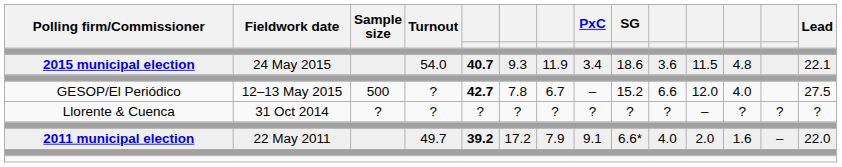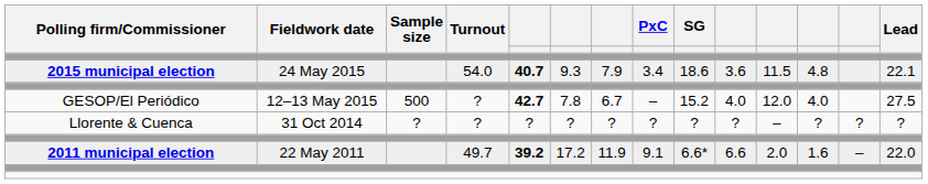 <table class="wikitable collapsible collapsed" style="text-align:center; font-size:95%; line-height:16px;">
 <tr style="height:42px;">
 <th style="width:250px;" rowspan="2">Polling firm/Commissioner</th>
 <th style="width:125px;" rowspan="2">Fieldwork date</th>
 <th style="width:50px;" rowspan="2">Sample size</th>
 <th style="width:45px;" rowspan="2">Turnout</th>
 <th style="width:35px;"></th>
 <th style="width:35px;"></th>
 <th style="width:35px;"></th>
 <th style="width:35px;"><a href='#'>PxC</a></th>
 <th style="width:35px;">SG</th>
 <th style="width:35px;"></th>
 <th style="width:35px;"></th>
 <th style="width:35px;"></th>
 <th style="width:35px;"></th>
 <th style="width:30px;" rowspan="2">Lead</th>
 </tr>
 <tr>
 <th style="color:inherit;background:"></th>
 <th style="color:inherit;background:"></th>
 <th style="color:inherit;background:"></th>
 <th style="color:inherit;background:"></th>
 <th style="color:inherit;background:"></th>
 <th style="color:inherit;background:"></th>
 <th style="color:inherit;background:"></th>
 <th style="color:inherit;background:"></th>
 <th style="color:inherit;background:"></th>
 </tr>
 <tr>
 <td colspan="14" style="background:#A0A0A0"></td>
 </tr>
 <tr style="background:#EFEFEF;">
 <td><strong><a href='#'>2015 municipal election</a></strong></td>
 <td>24 May 2015</td>
 <td></td>
 <td>54.0</td>
 <td><strong>40.7</strong><br></td>
 <td>9.3<br></td>
-<td>11.9<br></td>
+<td>7.9<br></td>
 <td>3.4<br></td>
 <td>18.6<br></td>
 <td>3.6<br></td>
 <td>11.5<br></td>
 <td>4.8<br></td>
 <td></td>
 <td style="background:">22.1</td>
 </tr>
 <tr>
 <td colspan="14" style="background:#A0A0A0"></td>
 </tr>
 <tr>
 <td>GESOP/El Periódico</td>
 <td>12–13 May 2015</td>
 <td>500</td>
 <td>?</td>
 <td><strong>42.7</strong><br></td>
 <td>7.8<br></td>
 <td>6.7<br></td>
 <td>–</td>
 <td>15.2<br></td>
-<td>6.6<br></td>
+<td>4.0<br></td>
 <td>12.0<br></td>
 <td>4.0<br></td>
 <td></td>
 <td style="background:">27.5</td>
 </tr>
 <tr>
 <td>Llorente & Cuenca</td>
 <td>31 Oct 2014</td>
 <td>?</td>
 <td>?</td>
 <td>?<br></td>
 <td>?<br></td>
 <td>?<br></td>
 <td>?<br></td>
 <td>?<br></td>
 <td>?<br></td>
 <td>–</td>
 <td>?<br></td>
 <td>?<br></td>
 <td style="background:">?</td>
 </tr>
 <tr>
 <td colspan="14" style="background:#A0A0A0"></td>
 </tr>
 <tr style="background:#EFEFEF;">
 <td><strong><a href='#'>2011 municipal election</a></strong></td>
 <td>22 May 2011</td>
 <td></td>
 <td>49.7</td>
 <td><strong>39.2</strong><br></td>
 <td>17.2<br></td>
-<td>7.9<br></td>
+<td>11.9<br></td>
 <td>9.1<br></td>
 <td>6.6*<br></td>
-<td>4.0<br></td>
+<td>6.6<br></td>
 <td>2.0<br></td>
 <td>1.6<br></td>
 <td>–</td>
 <td style="background:">22.0</td>
 </tr>
 <tr>
 <td colspan="14" style="background:#A0A0A0"></td>
 </tr>
 <tr>
 <td align="left" colspan="14"></td>
 </tr>
 </table>
